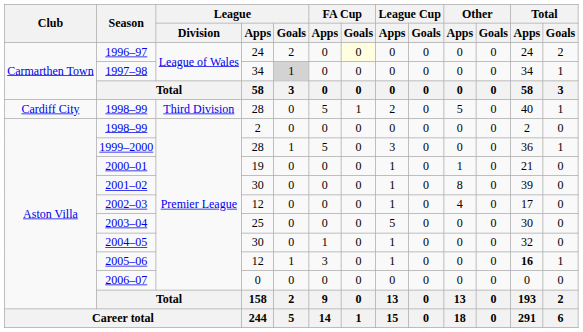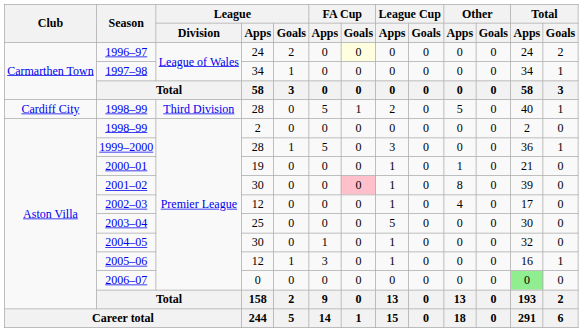 <table class="wikitable" style="text-align:center">
 <tr>
 <th rowspan="2">Club</th>
 <th rowspan="2">Season</th>
 <th colspan="3">League</th>
 <th colspan="2">FA Cup</th>
 <th colspan="2">League Cup</th>
 <th colspan="2">Other</th>
 <th colspan="2">Total</th>
 </tr>
 <tr>
 <th>Division</th>
 <th>Apps</th>
 <th>Goals</th>
 <th>Apps</th>
 <th>Goals</th>
 <th>Apps</th>
 <th>Goals</th>
 <th>Apps</th>
 <th>Goals</th>
 <th>Apps</th>
 <th>Goals</th>
 </tr>
 <tr>
 <td rowspan="3"><a href='#'>Carmarthen Town</a></td>
 <td><a href='#'>1996–97</a></td>
 <td rowspan="2"><a href='#'>League of Wales</a></td>
 <td>24</td>
 <td>2</td>
 <td>0</td>
 <td style="background: lightyellow;">0</td>
 <td>0</td>
 <td>0</td>
 <td>0</td>
 <td>0</td>
 <td>24</td>
 <td>2</td>
 </tr>
 <tr>
 <td><a href='#'>1997–98</a></td>
 <td>34</td>
-<td style="background: lightgrey;">1</td>
+<td>1</td>
 <td>0</td>
 <td>0</td>
 <td>0</td>
 <td>0</td>
 <td>0</td>
 <td>0</td>
 <td>34</td>
 <td>1</td>
 </tr>
 <tr>
 <th colspan="2">Total</th>
 <th>58</th>
 <th>3</th>
 <th>0</th>
 <th>0</th>
 <th>0</th>
 <th>0</th>
 <th>0</th>
 <th>0</th>
 <th>58</th>
 <th>3</th>
 </tr>
 <tr>
 <td><a href='#'>Cardiff City</a></td>
 <td><a href='#'>1998–99</a></td>
 <td><a href='#'>Third Division</a></td>
 <td>28</td>
 <td>0</td>
 <td>5</td>
 <td>1</td>
 <td>2</td>
 <td>0</td>
 <td>5</td>
 <td>0</td>
 <td>40</td>
 <td>1</td>
 </tr>
 <tr>
 <td rowspan="10"><a href='#'>Aston Villa</a></td>
 <td><a href='#'>1998–99</a></td>
 <td rowspan="9"><a href='#'>Premier League</a></td>
 <td>2</td>
 <td>0</td>
 <td>0</td>
 <td>0</td>
 <td>0</td>
 <td>0</td>
 <td>0</td>
 <td>0</td>
 <td>2</td>
 <td>0</td>
 </tr>
 <tr>
 <td><a href='#'>1999–2000</a></td>
 <td>28</td>
 <td>1</td>
 <td>5</td>
 <td>0</td>
 <td>3</td>
 <td>0</td>
 <td>0</td>
 <td>0</td>
 <td>36</td>
 <td>1</td>
 </tr>
 <tr>
 <td><a href='#'>2000–01</a></td>
 <td>19</td>
 <td>0</td>
 <td>0</td>
 <td>0</td>
 <td>1</td>
 <td>0</td>
 <td>1</td>
 <td>0</td>
 <td>21</td>
 <td>0</td>
 </tr>
 <tr>
 <td><a href='#'>2001–02</a></td>
 <td>30</td>
 <td>0</td>
 <td>0</td>
-<td>0</td>
+<td style="background: pink;">0</td>
 <td>1</td>
 <td>0</td>
 <td>8</td>
 <td>0</td>
 <td>39</td>
 <td>0</td>
 </tr>
 <tr>
 <td><a href='#'>2002–03</a></td>
 <td>12</td>
 <td>0</td>
 <td>0</td>
 <td>0</td>
 <td>1</td>
 <td>0</td>
 <td>4</td>
 <td>0</td>
 <td>17</td>
 <td>0</td>
 </tr>
 <tr>
 <td><a href='#'>2003–04</a></td>
 <td>25</td>
 <td>0</td>
 <td>0</td>
 <td>0</td>
 <td>5</td>
 <td>0</td>
 <td>0</td>
 <td>0</td>
 <td>30</td>
 <td>0</td>
 </tr>
 <tr>
 <td><a href='#'>2004–05</a></td>
 <td>30</td>
 <td>0</td>
 <td>1</td>
 <td>0</td>
 <td>1</td>
 <td>0</td>
 <td>0</td>
 <td>0</td>
 <td>32</td>
 <td>0</td>
 </tr>
 <tr>
 <td><a href='#'>2005–06</a></td>
 <td>12</td>
 <td>1</td>
 <td>3</td>
 <td>0</td>
 <td>1</td>
 <td>0</td>
 <td>0</td>
 <td>0</td>
-<td><strong>16</strong></td>
+<td>16</td>
 <td>1</td>
 </tr>
 <tr>
 <td><a href='#'>2006–07</a></td>
 <td>0</td>
 <td>0</td>
 <td>0</td>
 <td>0</td>
 <td>0</td>
 <td>0</td>
 <td>0</td>
 <td>0</td>
-<td>0</td>
+<td style="background: lightgreen;">0</td>
 <td>0</td>
 </tr>
 <tr>
 <th colspan="2">Total</th>
 <th>158</th>
 <th>2</th>
 <th>9</th>
 <th>0</th>
 <th>13</th>
 <th>0</th>
 <th>13</th>
 <th>0</th>
 <th>193</th>
 <th>2</th>
 </tr>
 <tr>
 <th colspan="3">Career total</th>
 <th>244</th>
 <th>5</th>
 <th>14</th>
 <th>1</th>
 <th>15</th>
 <th>0</th>
 <th>18</th>
 <th>0</th>
 <th>291</th>
 <th>6</th>
 </tr>
 </table>
